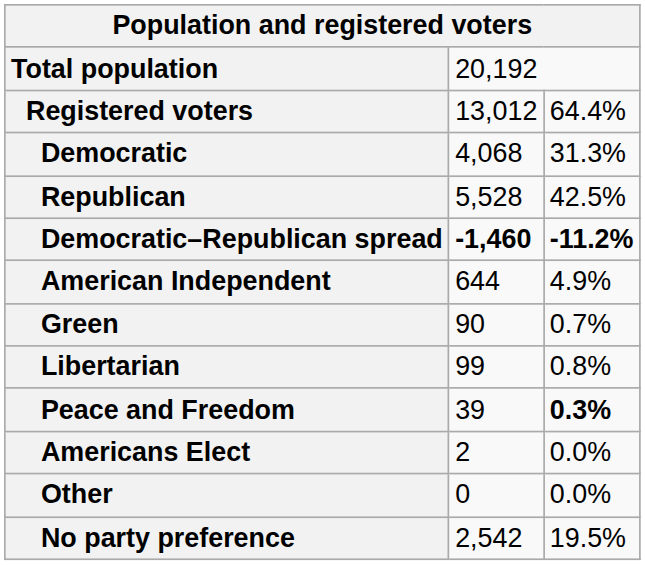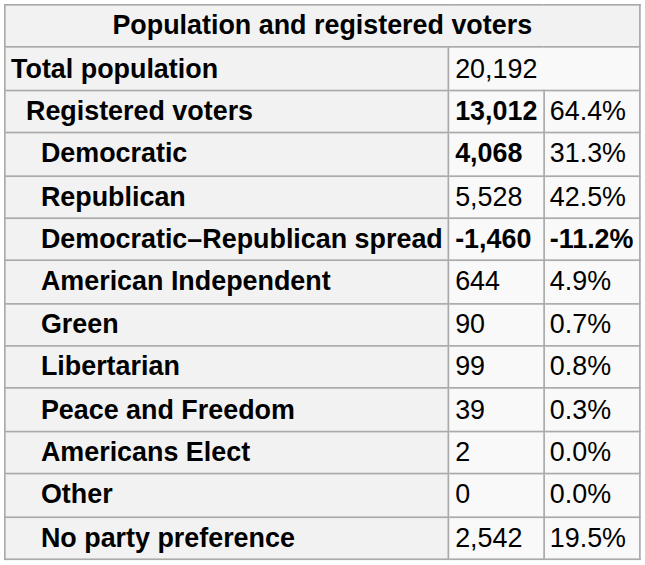 <table class="wikitable collapsible collapsed">
 <tr>
 <th colspan="3">Population and registered voters</th>
 </tr>
 <tr>
 <th scope="row" style="text-align: left;">Total population</th>
 <td colspan="2">20,192</td>
 </tr>
 <tr>
 <th scope="row" style="text-align: left;">  Registered voters</th>
-<td>13,012</td>
+<td><strong>13,012</strong></td>
 <td>64.4%</td>
 </tr>
 <tr>
 <th scope="row" style="text-align: left;">    Democratic</th>
-<td>4,068</td>
+<td><strong>4,068</strong></td>
 <td>31.3%</td>
 </tr>
 <tr>
 <th scope="row" style="text-align: left;">    Republican</th>
 <td>5,528</td>
 <td>42.5%</td>
 </tr>
 <tr>
 <th scope="row" style="text-align: left;">    Democratic–Republican spread</th>
 <td><span><strong>-1,460</strong></span></td>
 <td><span><strong>-11.2%</strong></span></td>
 </tr>
 <tr>
 <th scope="row" style="text-align: left;">    American Independent</th>
 <td>644</td>
 <td>4.9%</td>
 </tr>
 <tr>
 <th scope="row" style="text-align: left;">    Green</th>
 <td>90</td>
 <td>0.7%</td>
 </tr>
 <tr>
 <th scope="row" style="text-align: left;">    Libertarian</th>
 <td>99</td>
 <td>0.8%</td>
 </tr>
 <tr>
 <th scope="row" style="text-align: left;">    Peace and Freedom</th>
 <td>39</td>
-<td><strong>0.3%</strong></td>
+<td>0.3%</td>
 </tr>
 <tr>
 <th scope="row" style="text-align: left;">    Americans Elect</th>
 <td>2</td>
 <td>0.0%</td>
 </tr>
 <tr>
 <th scope="row" style="text-align: left;">    Other</th>
 <td>0</td>
 <td>0.0%</td>
 </tr>
 <tr>
 <th scope="row" style="text-align: left;">    No party preference</th>
 <td>2,542</td>
 <td>19.5%</td>
 </tr>
 </table>
